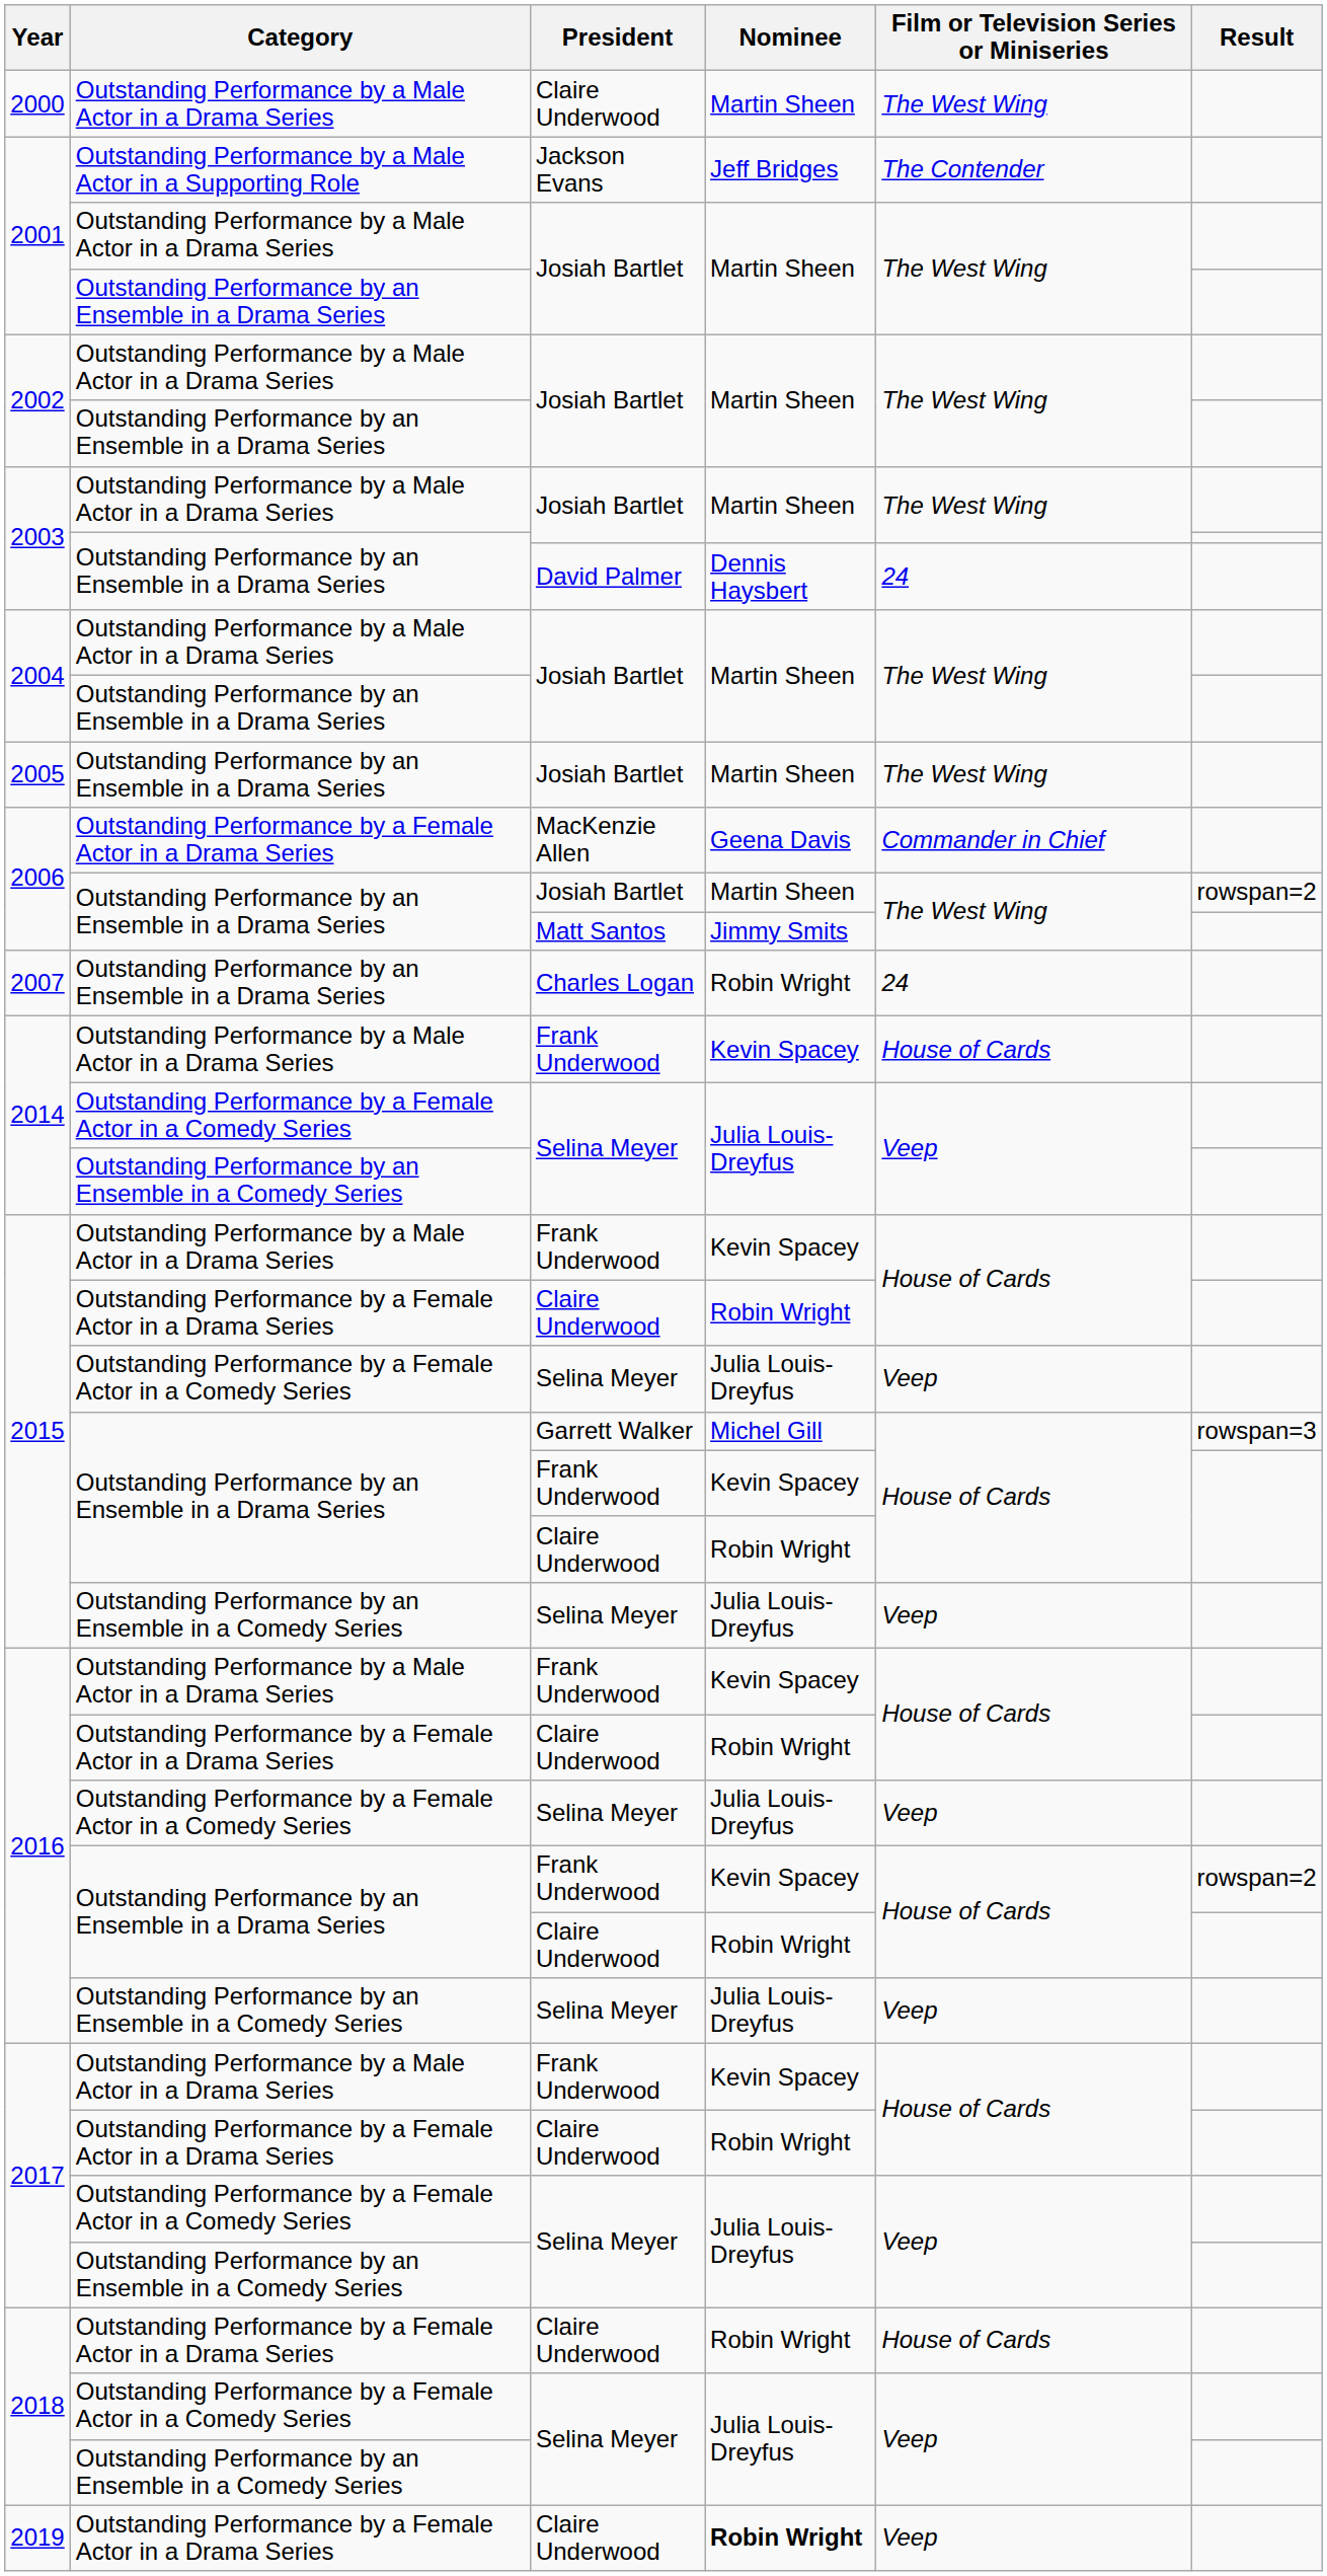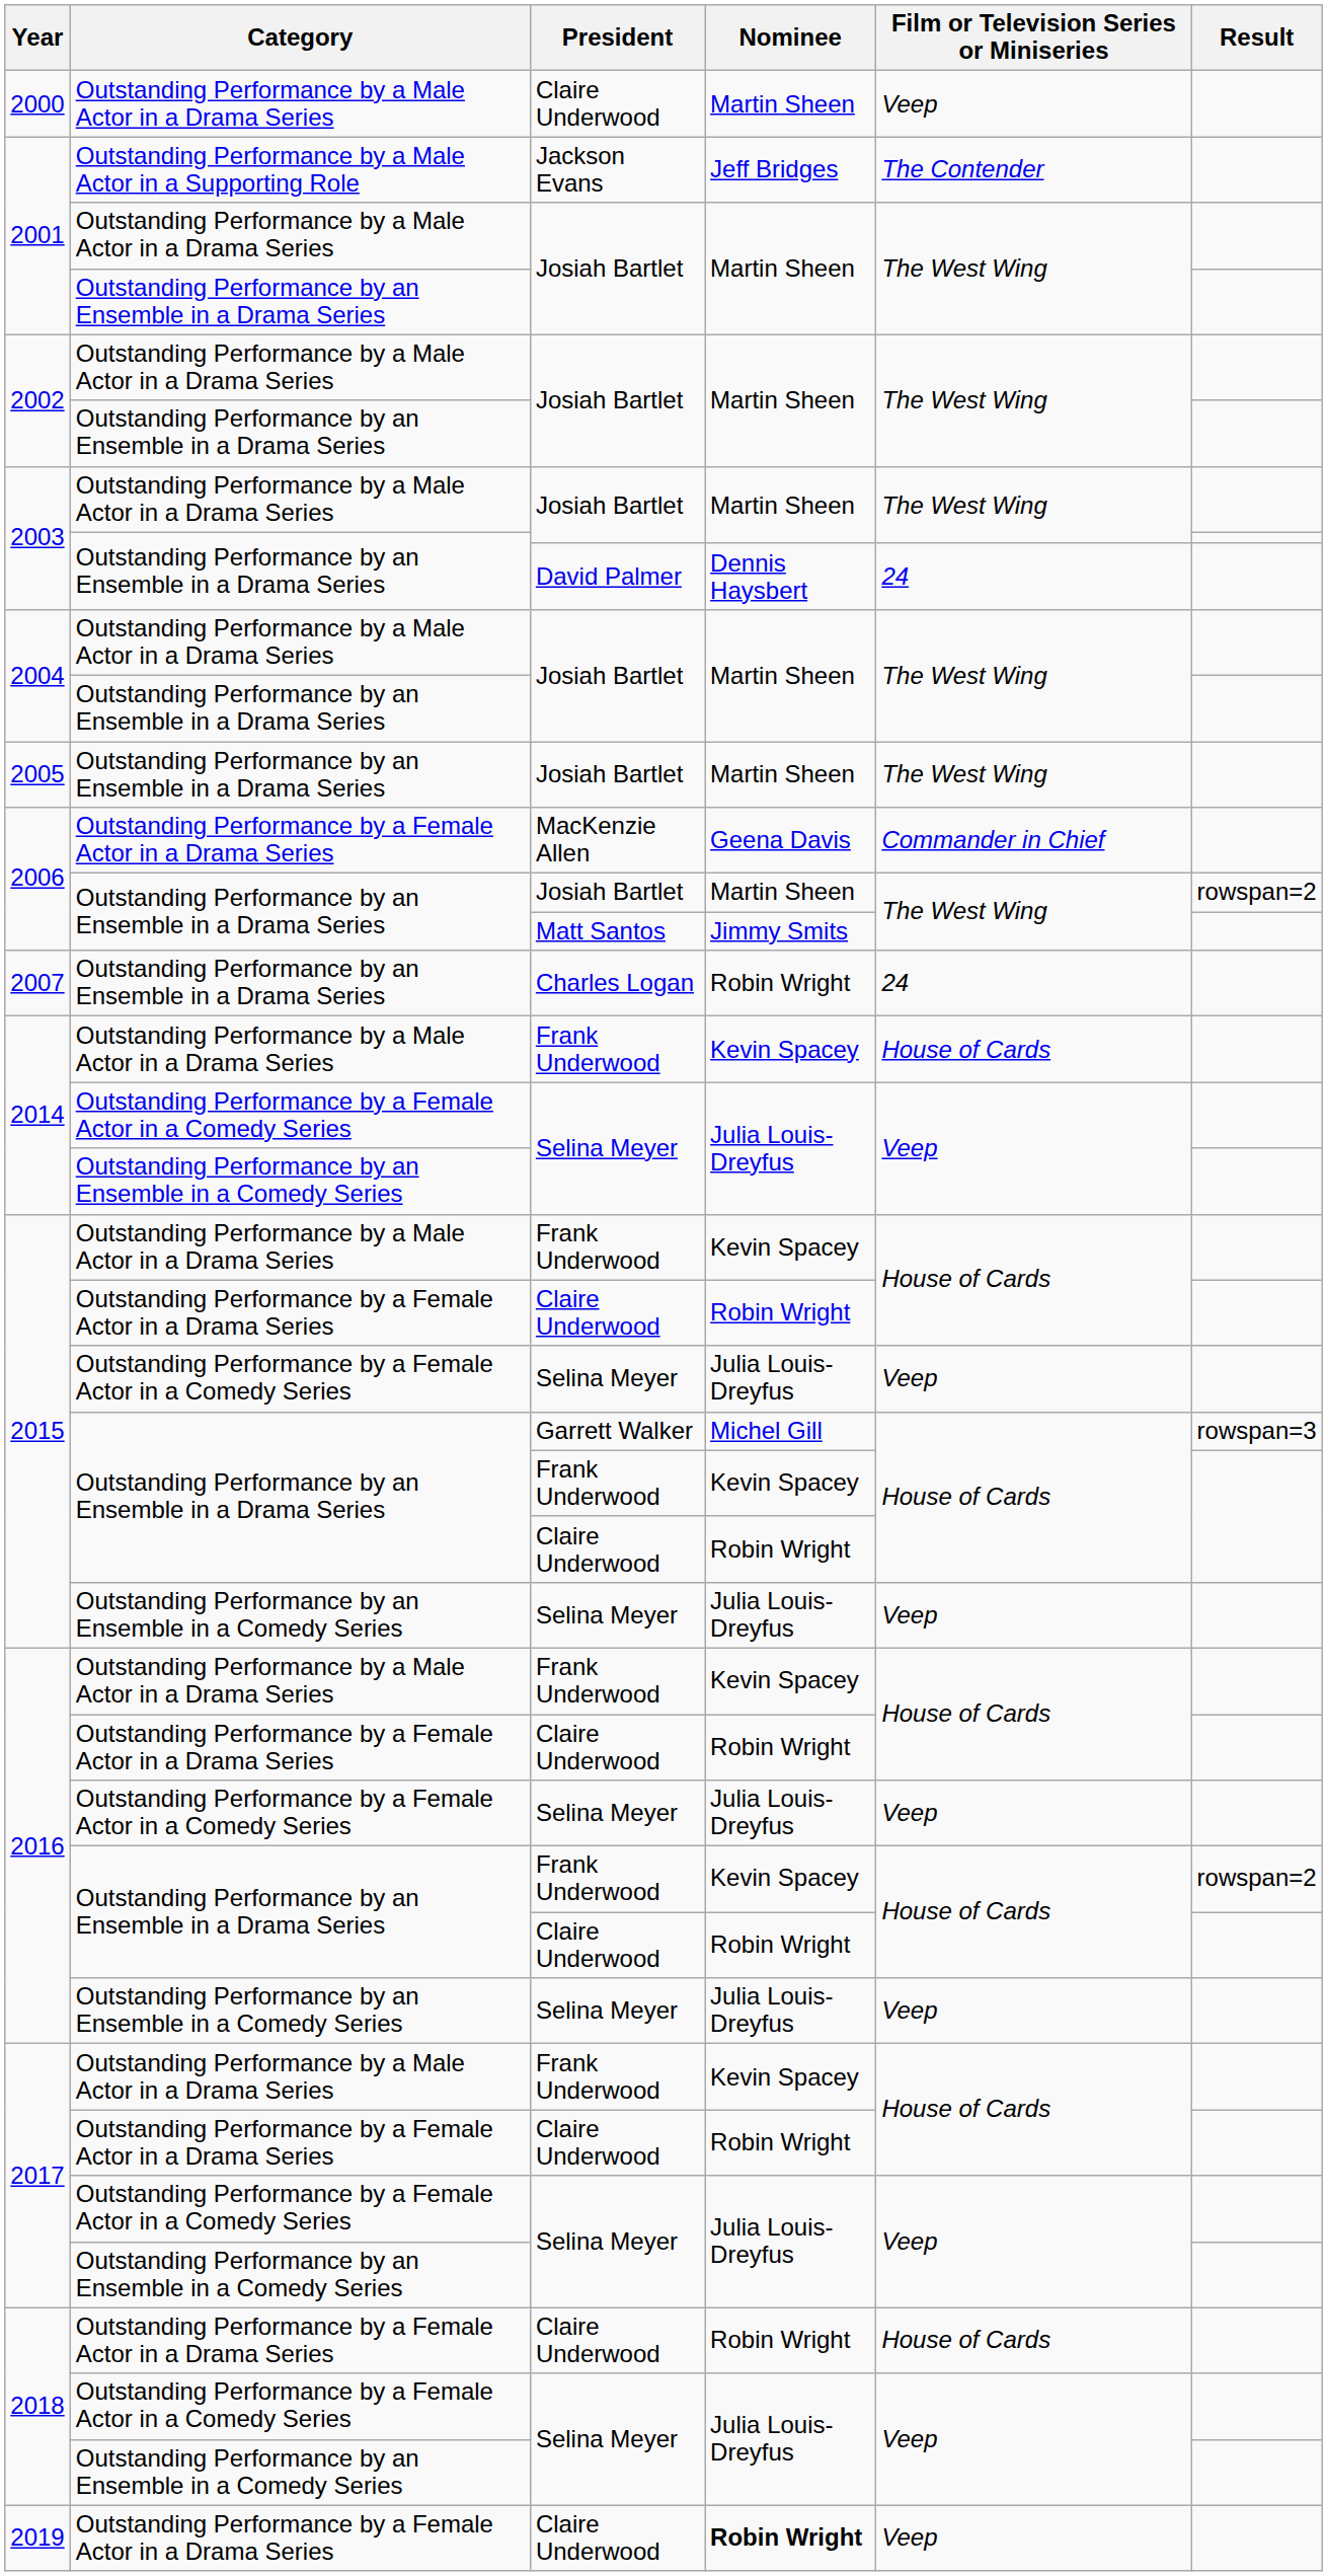 <table class="wikitable sortable">
 <tr>
 <th>Year</th>
 <th>Category</th>
 <th>President</th>
 <th>Nominee</th>
 <th>Film or Television Series or Miniseries</th>
 <th>Result</th>
 </tr>
 <tr>
 <td><a href='#'>2000</a></td>
 <td><a href='#'>Outstanding Performance by a Male Actor in a Drama Series</a></td>
 <td>Claire Underwood</td>
 <td><a href='#'>Martin Sheen</a></td>
-<td><em><a href='#'>The West Wing</a></em></td>
+<td><em>Veep</em></td>
 <td></td>
 </tr>
 <tr>
 <td rowspan=3><a href='#'>2001</a></td>
 <td><a href='#'>Outstanding Performance by a Male Actor in a Supporting Role</a></td>
 <td>Jackson Evans</td>
 <td><a href='#'>Jeff Bridges</a></td>
 <td><em><a href='#'>The Contender</a></em></td>
 <td></td>
 </tr>
 <tr>
 <td>Outstanding Performance by a Male Actor in a Drama Series</td>
 <td rowspan=2>Josiah Bartlet</td>
 <td rowspan=2>Martin Sheen</td>
 <td rowspan=2><em>The West Wing</em></td>
 <td></td>
 </tr>
 <tr>
 <td><a href='#'>Outstanding Performance by an Ensemble in a Drama Series</a></td>
 <td></td>
 </tr>
 <tr>
 <td rowspan=2><a href='#'>2002</a></td>
 <td>Outstanding Performance by a Male Actor in a Drama Series</td>
 <td rowspan=2>Josiah Bartlet</td>
 <td rowspan=2>Martin Sheen</td>
 <td rowspan=2><em>The West Wing</em></td>
 <td></td>
 </tr>
 <tr>
 <td>Outstanding Performance by an Ensemble in a Drama Series</td>
 <td></td>
 </tr>
 <tr>
 <td rowspan=3><a href='#'>2003</a></td>
 <td>Outstanding Performance by a Male Actor in a Drama Series</td>
 <td rowspan=2>Josiah Bartlet</td>
 <td rowspan=2>Martin Sheen</td>
 <td rowspan=2><em>The West Wing</em></td>
 <td></td>
 </tr>
 <tr>
 <td rowspan=2>Outstanding Performance by an Ensemble in a Drama Series</td>
 <td></td>
 </tr>
 <tr>
 <td><a href='#'>David Palmer</a></td>
 <td><a href='#'>Dennis Haysbert</a></td>
 <td><em><a href='#'>24</a></em></td>
 <td></td>
 </tr>
 <tr>
 <td rowspan=2><a href='#'>2004</a></td>
 <td>Outstanding Performance by a Male Actor in a Drama Series</td>
 <td rowspan=2>Josiah Bartlet</td>
 <td rowspan=2>Martin Sheen</td>
 <td rowspan=2><em>The West Wing</em></td>
 <td></td>
 </tr>
 <tr>
 <td>Outstanding Performance by an Ensemble in a Drama Series</td>
 <td></td>
 </tr>
 <tr>
 <td><a href='#'>2005</a></td>
 <td>Outstanding Performance by an Ensemble in a Drama Series</td>
 <td>Josiah Bartlet</td>
 <td>Martin Sheen</td>
 <td><em>The West Wing</em></td>
 <td></td>
 </tr>
 <tr>
 <td rowspan=3><a href='#'>2006</a></td>
 <td><a href='#'>Outstanding Performance by a Female Actor in a Drama Series</a></td>
 <td>MacKenzie Allen</td>
 <td><a href='#'>Geena Davis</a></td>
 <td><em><a href='#'>Commander in Chief</a></em></td>
 <td></td>
 </tr>
 <tr>
 <td rowspan=2>Outstanding Performance by an Ensemble in a Drama Series</td>
 <td>Josiah Bartlet</td>
 <td>Martin Sheen</td>
 <td rowspan=2><em>The West Wing</em></td>
 <td>rowspan=2 </td>
 </tr>
 <tr>
 <td><a href='#'>Matt Santos</a></td>
 <td><a href='#'>Jimmy Smits</a></td>
 </tr>
 <tr>
 <td><a href='#'>2007</a></td>
 <td>Outstanding Performance by an Ensemble in a Drama Series</td>
 <td><a href='#'>Charles Logan</a></td>
 <td>Robin Wright</td>
 <td><em>24</em></td>
 <td></td>
 </tr>
 <tr>
 <td rowspan=3><a href='#'>2014</a></td>
 <td>Outstanding Performance by a Male Actor in a Drama Series</td>
 <td><a href='#'>Frank Underwood</a></td>
 <td><a href='#'>Kevin Spacey</a></td>
 <td><em><a href='#'>House of Cards</a></em></td>
 <td></td>
 </tr>
 <tr>
 <td><a href='#'>Outstanding Performance by a Female Actor in a Comedy Series</a></td>
 <td rowspan=2><a href='#'>Selina Meyer</a></td>
 <td rowspan=2><a href='#'>Julia Louis-Dreyfus</a></td>
 <td rowspan=2><em><a href='#'>Veep</a></em></td>
 <td></td>
 </tr>
 <tr>
 <td><a href='#'>Outstanding Performance by an Ensemble in a Comedy Series</a></td>
 <td></td>
 </tr>
 <tr>
 <td rowspan=7><a href='#'>2015</a></td>
 <td>Outstanding Performance by a Male Actor in a Drama Series</td>
 <td>Frank Underwood</td>
 <td>Kevin Spacey</td>
 <td rowspan=2><em>House of Cards</em></td>
 <td></td>
 </tr>
 <tr>
 <td>Outstanding Performance by a Female Actor in a Drama Series</td>
 <td><a href='#'>Claire Underwood</a></td>
 <td><a href='#'>Robin Wright</a></td>
 <td></td>
 </tr>
 <tr>
 <td>Outstanding Performance by a Female Actor in a Comedy Series</td>
 <td>Selina Meyer</td>
 <td>Julia Louis-Dreyfus</td>
 <td><em>Veep</em></td>
 <td></td>
 </tr>
 <tr>
 <td rowspan=3>Outstanding Performance by an Ensemble in a Drama Series</td>
 <td>Garrett Walker</td>
 <td><a href='#'>Michel Gill</a></td>
 <td rowspan=3><em>House of Cards</em></td>
 <td>rowspan=3 </td>
 </tr>
 <tr>
 <td>Frank Underwood</td>
 <td>Kevin Spacey</td>
 </tr>
 <tr>
 <td>Claire Underwood</td>
 <td>Robin Wright</td>
 </tr>
 <tr>
 <td>Outstanding Performance by an Ensemble in a Comedy Series</td>
 <td>Selina Meyer</td>
 <td>Julia Louis-Dreyfus</td>
 <td><em>Veep</em></td>
 <td></td>
 </tr>
 <tr>
 <td rowspan=6><a href='#'>2016</a></td>
 <td>Outstanding Performance by a Male Actor in a Drama Series</td>
 <td>Frank Underwood</td>
 <td>Kevin Spacey</td>
 <td rowspan=2><em>House of Cards</em></td>
 <td></td>
 </tr>
 <tr>
 <td>Outstanding Performance by a Female Actor in a Drama Series</td>
 <td>Claire Underwood</td>
 <td>Robin Wright</td>
 <td></td>
 </tr>
 <tr>
 <td>Outstanding Performance by a Female Actor in a Comedy Series</td>
 <td>Selina Meyer</td>
 <td>Julia Louis-Dreyfus</td>
 <td><em>Veep</em></td>
 <td></td>
 </tr>
 <tr>
 <td rowspan=2>Outstanding Performance by an Ensemble in a Drama Series</td>
 <td>Frank Underwood</td>
 <td>Kevin Spacey</td>
 <td rowspan=2><em>House of Cards</em></td>
 <td>rowspan=2 </td>
 </tr>
 <tr>
 <td>Claire Underwood</td>
 <td>Robin Wright</td>
 </tr>
 <tr>
 <td>Outstanding Performance by an Ensemble in a Comedy Series</td>
 <td>Selina Meyer</td>
 <td>Julia Louis-Dreyfus</td>
 <td><em>Veep</em></td>
 <td></td>
 </tr>
 <tr>
 <td rowspan=4><a href='#'>2017</a></td>
 <td>Outstanding Performance by a Male Actor in a Drama Series</td>
 <td>Frank Underwood</td>
 <td>Kevin Spacey</td>
 <td rowspan=2><em>House of Cards</em></td>
 <td></td>
 </tr>
 <tr>
 <td>Outstanding Performance by a Female Actor in a Drama Series</td>
 <td>Claire Underwood</td>
 <td>Robin Wright</td>
 <td></td>
 </tr>
 <tr>
 <td>Outstanding Performance by a Female Actor in a Comedy Series</td>
 <td rowspan=2>Selina Meyer</td>
 <td rowspan=2>Julia Louis-Dreyfus</td>
 <td rowspan=2><em>Veep</em></td>
 <td></td>
 </tr>
 <tr>
 <td>Outstanding Performance by an Ensemble in a Comedy Series</td>
 <td></td>
 </tr>
 <tr>
 <td rowspan=3><a href='#'>2018</a></td>
 <td>Outstanding Performance by a Female Actor in a Drama Series</td>
 <td>Claire Underwood</td>
 <td>Robin Wright</td>
 <td><em>House of Cards</em></td>
 <td></td>
 </tr>
 <tr>
 <td>Outstanding Performance by a Female Actor in a Comedy Series</td>
 <td rowspan=2>Selina Meyer</td>
 <td rowspan=2>Julia Louis-Dreyfus</td>
 <td rowspan=2><em>Veep</em></td>
 <td></td>
 </tr>
 <tr>
 <td>Outstanding Performance by an Ensemble in a Comedy Series</td>
 <td></td>
 </tr>
 <tr>
 <td><a href='#'>2019</a></td>
 <td>Outstanding Performance by a Female Actor in a Drama Series</td>
 <td>Claire Underwood</td>
 <td><strong>Robin Wright</strong></td>
 <td><em>Veep</em></td>
 <td></td>
 </tr>
 </table>
